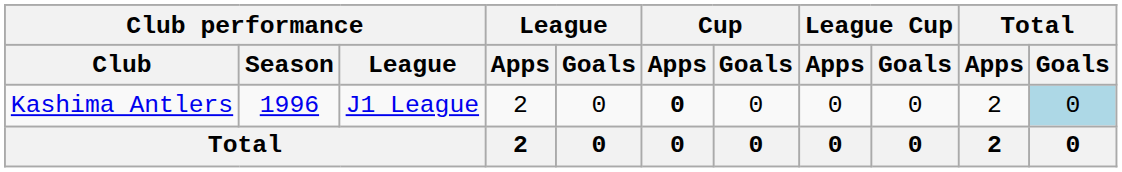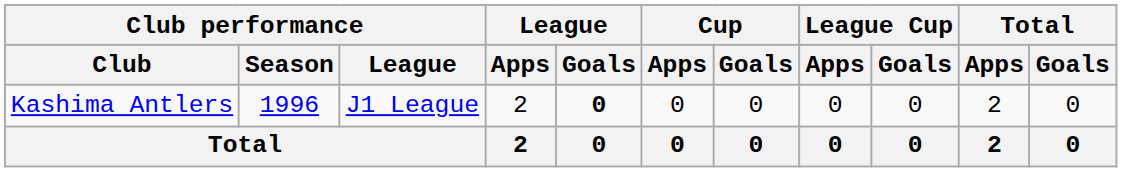 <table class="wikitable" style="text-align:center;">
 <tr>
 <th colspan=3>Club performance</th>
 <th colspan=2>League</th>
 <th colspan=2>Cup</th>
 <th colspan=2>League Cup</th>
 <th colspan=2>Total</th>
 </tr>
 <tr>
 <th>Club</th>
 <th>Season</th>
 <th>League</th>
 <th>Apps</th>
 <th>Goals</th>
 <th>Apps</th>
 <th>Goals</th>
 <th>Apps</th>
 <th>Goals</th>
 <th>Apps</th>
 <th>Goals</th>
 </tr>
 <tr>
 <td><a href='#'>Kashima Antlers</a></td>
 <td><a href='#'>1996</a></td>
 <td><a href='#'>J1 League</a></td>
 <td>2</td>
-<td>0</td>
 <td><strong>0</strong></td>
 <td>0</td>
 <td>0</td>
 <td>0</td>
+<td>0</td>
 <td>2</td>
-<td style="background: lightblue;">0</td>
+<td>0</td>
 </tr>
 <tr>
 <th colspan=3>Total</th>
 <th>2</th>
 <th>0</th>
 <th>0</th>
 <th>0</th>
 <th>0</th>
 <th>0</th>
 <th>2</th>
 <th>0</th>
 </tr>
 </table>
